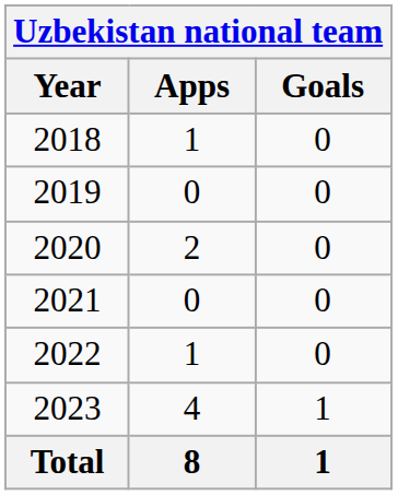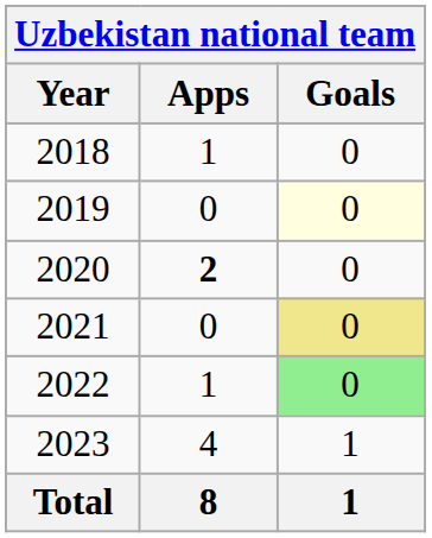 <table class="wikitable" style="text-align:center">
 <tr>
 <th colspan=3><a href='#'>Uzbekistan national team</a></th>
 </tr>
 <tr>
 <th>Year</th>
 <th>Apps</th>
 <th>Goals</th>
 </tr>
 <tr>
 <td>2018</td>
 <td>1</td>
 <td>0</td>
 </tr>
 <tr>
 <td>2019</td>
 <td>0</td>
-<td>0</td>
+<td style="background: lightyellow;">0</td>
 </tr>
 <tr>
 <td>2020</td>
-<td>2</td>
+<td><strong>2</strong></td>
 <td>0</td>
 </tr>
 <tr>
 <td>2021</td>
 <td>0</td>
-<td>0</td>
+<td style="background: khaki;">0</td>
 </tr>
 <tr>
 <td>2022</td>
 <td>1</td>
-<td>0</td>
+<td style="background: lightgreen;">0</td>
 </tr>
 <tr>
 <td>2023</td>
 <td>4</td>
 <td>1</td>
 </tr>
 <tr>
 <th>Total</th>
 <th>8</th>
 <th>1</th>
 </tr>
 </table>
